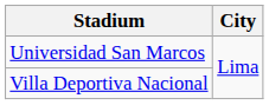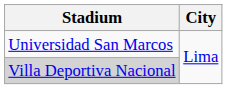 <table class="wikitable sortable">
 <tr>
 <th>Stadium</th>
 <th>City</th>
 </tr>
 <tr>
 <td><a href='#'>Universidad San Marcos</a></td>
 <td rowspan=2><a href='#'>Lima</a></td>
 </tr>
 <tr>
-<td><a href='#'>Villa Deportiva Nacional</a></td>
+<td style="background: lightgrey;"><a href='#'>Villa Deportiva Nacional</a></td>
 </tr>
 </table>
